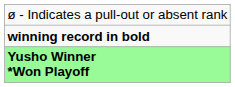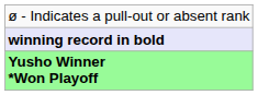 <table class="wikitable">
 <tr>
 <td>ø - Indicates a pull-out or absent rank</td>
 </tr>
 <tr>
-<td><strong>winning record in bold</strong></td>
+<td style="background: lavender;"><strong>winning record in bold</strong></td>
 </tr>
 <tr>
 <td style="background: PaleGreen;"><strong>Yusho Winner <br> *Won Playoff</strong></td>
 </tr>
 </table>
